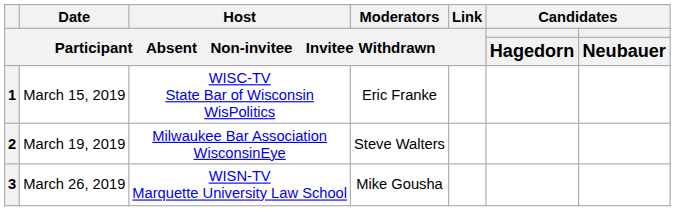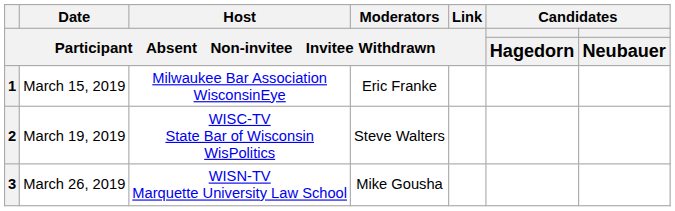 <table class="wikitable mw-collapsible" style="text-align:center;">
 <tr style="font-size:small;">
 <th scope="col"></th>
 <th scope="col">Date</th>
 <th scope="col">Host</th>
 <th scope="col">Moderators</th>
 <th scope="col">Link</th>
 <th scope="col" colspan="2">Candidates</th>
 </tr>
 <tr>
 <th colspan="5" rowspan="2"> <small>Participant  </small> <small>Absent  </small> <small>Non-invitee  </small> <small>Invitee</small> <small> Withdrawn</small></th>
 <th scope="col" style="background:"></th>
 <th scope="col" style="background:"></th>
 </tr>
 <tr>
 <th scope="col">Hagedorn</th>
 <th scope="col">Neubauer</th>
 </tr>
 <tr style="background:#FFFFFF;font-size:small;">
 <th scope="row">1</th>
 <td style="white-space:nowrap;">March 15, 2019</td>
-<td style="white-space:nowrap;"><a href='#'>WISC-TV</a><br><a href='#'>State Bar of Wisconsin</a><br><a href='#'>WisPolitics</a></td>
+<td style="white-space:nowrap;"><a href='#'>Milwaukee Bar Association</a><br><a href='#'>WisconsinEye</a></td>
 <td style="white-space:nowrap;">Eric Franke</td>
 <td style="white-space:nowrap;"></td>
 <td></td>
 <td></td>
 </tr>
 <tr style="background:#FFFFFF;font-size:small;">
 <th scope="row">2</th>
 <td style="white-space:nowrap;">March 19, 2019</td>
-<td style="white-space:nowrap;"><a href='#'>Milwaukee Bar Association</a><br><a href='#'>WisconsinEye</a></td>
+<td style="white-space:nowrap;"><a href='#'>WISC-TV</a><br><a href='#'>State Bar of Wisconsin</a><br><a href='#'>WisPolitics</a></td>
 <td style="white-space:nowrap;">Steve Walters</td>
 <td style="white-space:nowrap;"></td>
 <td></td>
 <td></td>
 </tr>
 <tr style="background:#FFFFFF;font-size:small;">
 <th scope="row">3</th>
 <td style="white-space:nowrap;">March 26, 2019</td>
 <td style="white-space:nowrap;"><a href='#'>WISN-TV</a><br><a href='#'>Marquette University Law School</a></td>
 <td style="white-space:nowrap;">Mike Gousha</td>
 <td style="white-space:nowrap;"></td>
 <td></td>
 <td></td>
 </tr>
 </table>
